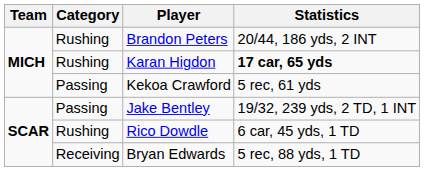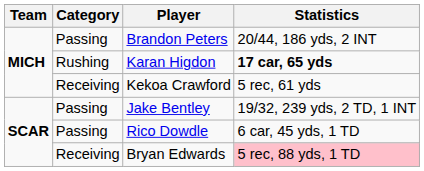 <table class="wikitable">
 <tr>
 <th>Team</th>
 <th>Category</th>
 <th>Player</th>
 <th>Statistics</th>
 </tr>
 <tr>
 <td rowspan=3><strong>MICH</strong></td>
-<td>Rushing</td>
+<td>Passing</td>
 <td><a href='#'>Brandon Peters</a></td>
 <td>20/44, 186 yds, 2 INT</td>
 </tr>
 <tr>
 <td>Rushing</td>
 <td><a href='#'>Karan Higdon</a></td>
 <td><strong>17 car, 65 yds</strong></td>
 </tr>
 <tr>
-<td>Passing</td>
+<td>Receiving</td>
 <td>Kekoa Crawford</td>
 <td>5 rec, 61 yds</td>
 </tr>
 <tr>
 <td rowspan=3><strong>SCAR</strong></td>
 <td>Passing</td>
 <td><a href='#'>Jake Bentley</a></td>
 <td>19/32, 239 yds, 2 TD, 1 INT</td>
 </tr>
 <tr>
-<td>Rushing</td>
+<td>Passing</td>
 <td><a href='#'>Rico Dowdle</a></td>
 <td>6 car, 45 yds, 1 TD</td>
 </tr>
 <tr>
 <td>Receiving</td>
 <td>Bryan Edwards</td>
-<td>5 rec, 88 yds, 1 TD</td>
+<td style="background: pink;">5 rec, 88 yds, 1 TD</td>
 </tr>
 </table>
